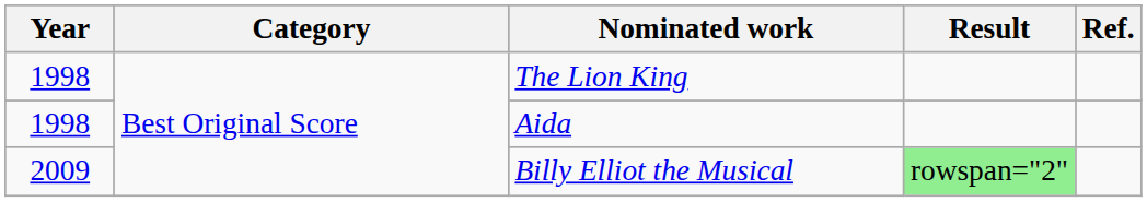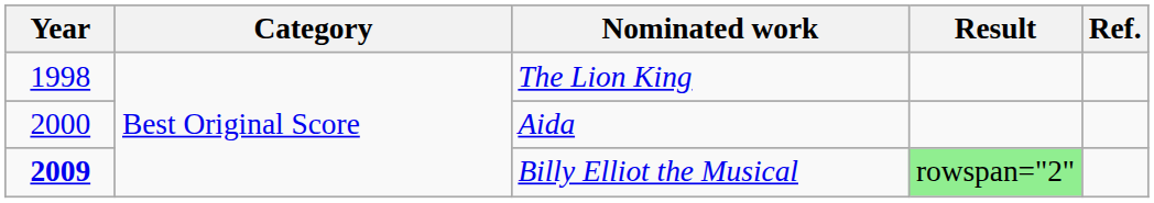 <table class=wikitable>
 <tr>
 <th scope="col" style="width:5em;">Year</th>
 <th scope="col" style="width:26em;">Category</th>
 <th scope="col" style="width:25em;">Nominated work</th>
 <th scope="col" style="width:5em;">Result</th>
 <th>Ref.</th>
 </tr>
 <tr>
 <td style="text-align:center;"><a href='#'>1998</a></td>
 <td rowspan="3"><a href='#'>Best Original Score</a></td>
 <td><em><a href='#'>The Lion King</a></em></td>
 <td></td>
 <td></td>
 </tr>
 <tr>
-<td style="text-align:center;"><a href='#'>1998</a></td>
+<td style="text-align:center;"><a href='#'>2000</a></td>
 <td><em><a href='#'>Aida</a></em></td>
 <td></td>
 <td></td>
 </tr>
 <tr>
-<td style="text-align:center;"><a href='#'>2009</a></td>
+<td style="text-align:center;"><strong><a href='#'>2009</a></strong></td>
 <td><em><a href='#'>Billy Elliot the Musical</a></em></td>
 <td style="background: lightgreen;">rowspan="2" </td>
 <td></td>
 </tr>
 </table>
